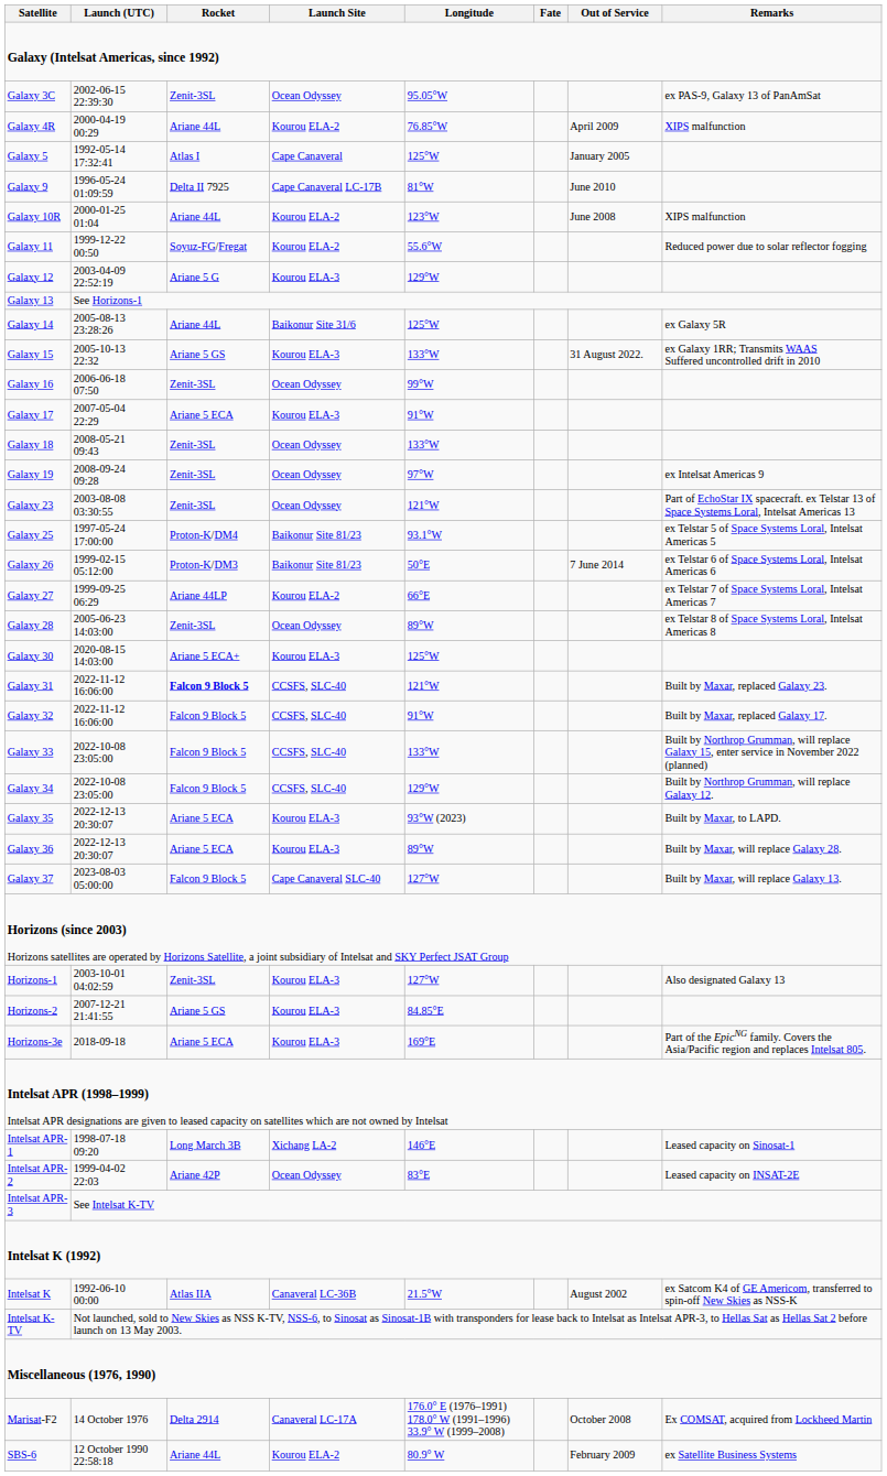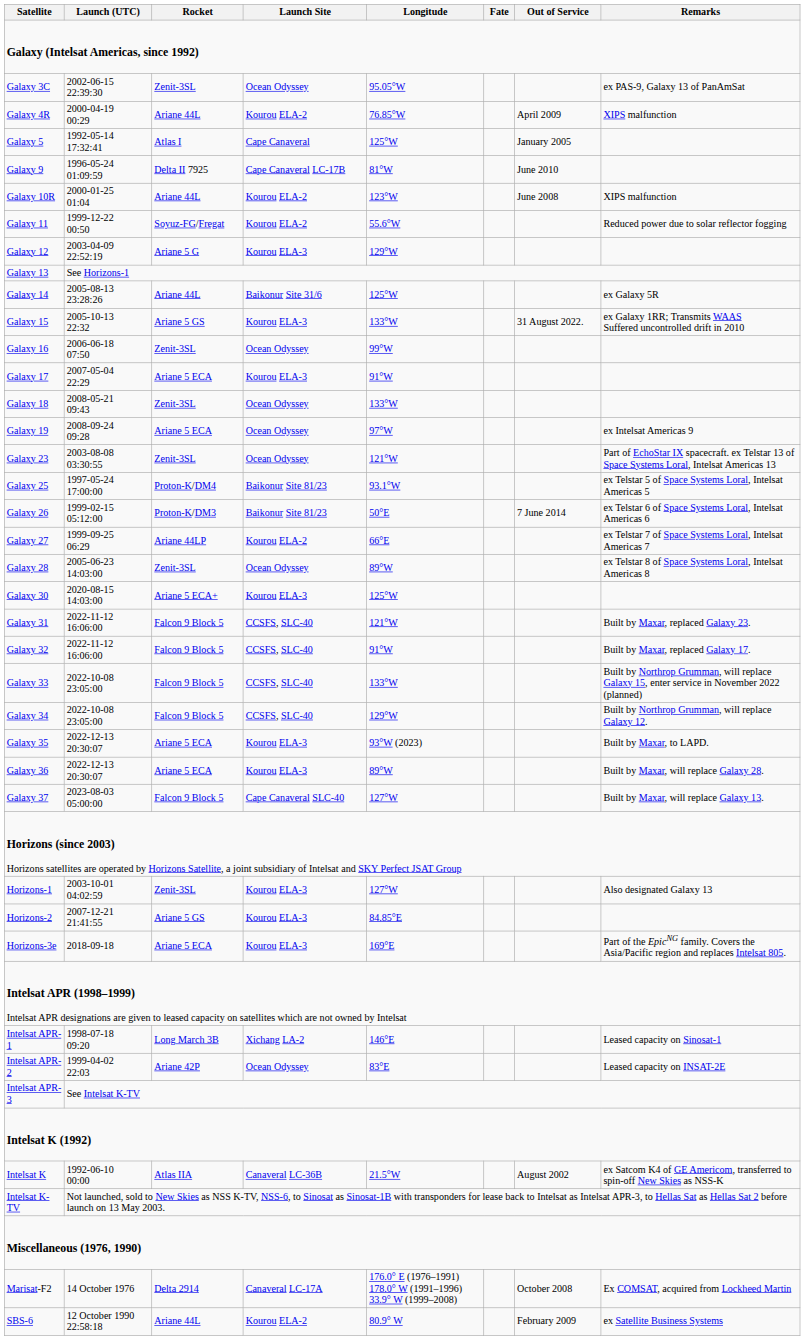 <table class = "wikitable" width="100%">
 <tr>
 <th>Satellite</th>
 <th>Launch (UTC)</th>
 <th>Rocket</th>
 <th>Launch Site</th>
 <th>Longitude</th>
 <th>Fate</th>
 <th>Out of Service</th>
 <th width="25%">Remarks</th>
 </tr>
 <tr>
 <td colspan=8><br><h3>Galaxy (Intelsat Americas, since 1992)</h3></td>
 </tr>
 <tr>
 <td><a href='#'>Galaxy 3C</a></td>
 <td>2002-06-15<br>22:39:30</td>
 <td><a href='#'>Zenit-3SL</a></td>
 <td><a href='#'>Ocean Odyssey</a></td>
 <td><a href='#'>95.05°W</a></td>
 <td></td>
 <td></td>
 <td>ex PAS-9, Galaxy 13 of PanAmSat</td>
 </tr>
 <tr>
 <td><a href='#'>Galaxy 4R</a></td>
 <td>2000-04-19<br>00:29</td>
 <td><a href='#'>Ariane 44L</a></td>
 <td><a href='#'>Kourou</a> <a href='#'>ELA-2</a></td>
 <td><a href='#'>76.85°W</a></td>
 <td></td>
 <td>April 2009</td>
 <td><a href='#'>XIPS</a> malfunction</td>
 </tr>
 <tr>
 <td><a href='#'>Galaxy 5</a></td>
 <td>1992-05-14<br>17:32:41</td>
 <td><a href='#'>Atlas I</a></td>
 <td><a href='#'>Cape Canaveral</a></td>
 <td><a href='#'>125°W</a></td>
 <td></td>
 <td>January 2005</td>
 <td></td>
 </tr>
 <tr>
 <td><a href='#'>Galaxy 9</a></td>
 <td>1996-05-24<br>01:09:59</td>
 <td><a href='#'>Delta II</a> 7925</td>
 <td><a href='#'>Cape Canaveral</a> <a href='#'>LC-17B</a></td>
 <td><a href='#'>81°W</a></td>
 <td></td>
 <td>June 2010</td>
 <td></td>
 </tr>
 <tr>
 <td><a href='#'>Galaxy 10R</a></td>
 <td>2000-01-25<br>01:04</td>
 <td><a href='#'>Ariane 44L</a></td>
 <td><a href='#'>Kourou</a> <a href='#'>ELA-2</a></td>
 <td><a href='#'>123°W</a></td>
 <td></td>
 <td>June 2008</td>
 <td>XIPS malfunction</td>
 </tr>
 <tr>
 <td><a href='#'>Galaxy 11</a></td>
 <td>1999-12-22<br>00:50</td>
 <td><a href='#'>Soyuz-FG</a>/<a href='#'>Fregat</a></td>
 <td><a href='#'>Kourou</a> <a href='#'>ELA-2</a></td>
 <td><a href='#'>55.6°W</a></td>
 <td></td>
 <td></td>
 <td>Reduced power due to solar reflector fogging</td>
 </tr>
 <tr>
 <td><a href='#'>Galaxy 12</a></td>
 <td>2003-04-09<br>22:52:19</td>
 <td><a href='#'>Ariane 5 G</a></td>
 <td><a href='#'>Kourou</a> <a href='#'>ELA-3</a></td>
 <td><a href='#'>129°W</a></td>
 <td></td>
 <td></td>
 <td></td>
 </tr>
 <tr>
 <td><a href='#'>Galaxy 13</a></td>
 <td colspan=7>See <a href='#'>Horizons-1</a></td>
 </tr>
 <tr>
 <td><a href='#'>Galaxy 14</a></td>
 <td>2005-08-13<br>23:28:26</td>
 <td><a href='#'>Ariane 44L</a></td>
 <td><a href='#'>Baikonur</a> <a href='#'>Site 31/6</a></td>
 <td><a href='#'>125°W</a></td>
 <td></td>
 <td></td>
 <td>ex Galaxy 5R</td>
 </tr>
 <tr>
 <td><a href='#'>Galaxy 15</a></td>
 <td>2005-10-13<br>22:32</td>
 <td><a href='#'>Ariane 5 GS</a></td>
 <td><a href='#'>Kourou</a> <a href='#'>ELA-3</a></td>
 <td><a href='#'>133°W</a></td>
 <td></td>
 <td>31 August 2022.</td>
 <td>ex Galaxy 1RR; Transmits <a href='#'>WAAS</a><br>Suffered uncontrolled drift in 2010</td>
 </tr>
 <tr>
 <td><a href='#'>Galaxy 16</a></td>
 <td>2006-06-18<br>07:50</td>
 <td><a href='#'>Zenit-3SL</a></td>
 <td><a href='#'>Ocean Odyssey</a></td>
 <td><a href='#'>99°W</a></td>
 <td></td>
 <td></td>
 <td></td>
 </tr>
 <tr>
 <td><a href='#'>Galaxy 17</a></td>
 <td>2007-05-04<br>22:29</td>
 <td><a href='#'>Ariane 5 ECA</a></td>
 <td><a href='#'>Kourou</a> <a href='#'>ELA-3</a></td>
 <td><a href='#'>91°W</a></td>
 <td></td>
 <td></td>
 <td></td>
 </tr>
 <tr>
 <td><a href='#'>Galaxy 18</a></td>
 <td>2008-05-21<br>09:43</td>
 <td><a href='#'>Zenit-3SL</a></td>
 <td><a href='#'>Ocean Odyssey</a></td>
 <td><a href='#'>133°W</a></td>
 <td></td>
 <td></td>
 <td></td>
 </tr>
 <tr>
 <td><a href='#'>Galaxy 19</a></td>
 <td>2008-09-24<br>09:28</td>
-<td><a href='#'>Zenit-3SL</a></td>
+<td><a href='#'>Ariane 5 ECA</a></td>
 <td><a href='#'>Ocean Odyssey</a></td>
 <td><a href='#'>97°W</a></td>
 <td></td>
 <td></td>
 <td>ex Intelsat Americas 9</td>
 </tr>
 <tr>
 <td><a href='#'>Galaxy 23</a></td>
 <td>2003-08-08<br>03:30:55</td>
 <td><a href='#'>Zenit-3SL</a></td>
 <td><a href='#'>Ocean Odyssey</a></td>
 <td><a href='#'>121°W</a></td>
 <td></td>
 <td></td>
 <td>Part of <a href='#'>EchoStar IX</a> spacecraft. ex Telstar 13 of <a href='#'>Space Systems Loral</a>, Intelsat Americas 13</td>
 </tr>
 <tr>
 <td><a href='#'>Galaxy 25</a></td>
 <td>1997-05-24<br>17:00:00</td>
 <td><a href='#'>Proton-K</a>/<a href='#'>DM4</a></td>
 <td><a href='#'>Baikonur</a> <a href='#'>Site 81/23</a></td>
 <td><a href='#'>93.1°W</a></td>
 <td></td>
 <td></td>
 <td>ex Telstar 5 of <a href='#'>Space Systems Loral</a>, Intelsat Americas 5</td>
 </tr>
 <tr>
 <td><a href='#'>Galaxy 26</a></td>
 <td>1999-02-15<br>05:12:00</td>
 <td><a href='#'>Proton-K</a>/<a href='#'>DM3</a></td>
 <td><a href='#'>Baikonur</a> <a href='#'>Site 81/23</a></td>
 <td><a href='#'>50°E</a></td>
 <td></td>
 <td>7 June 2014</td>
 <td>ex Telstar 6 of <a href='#'>Space Systems Loral</a>, Intelsat Americas 6</td>
 </tr>
 <tr>
 <td><a href='#'>Galaxy 27</a></td>
 <td>1999-09-25<br>06:29</td>
 <td><a href='#'>Ariane 44LP</a></td>
 <td><a href='#'>Kourou</a> <a href='#'>ELA-2</a></td>
 <td><a href='#'>66°E</a></td>
 <td></td>
 <td></td>
 <td>ex Telstar 7 of <a href='#'>Space Systems Loral</a>, Intelsat Americas 7</td>
 </tr>
 <tr>
 <td><a href='#'>Galaxy 28</a></td>
 <td>2005-06-23<br>14:03:00</td>
 <td><a href='#'>Zenit-3SL</a></td>
 <td><a href='#'>Ocean Odyssey</a></td>
 <td><a href='#'>89°W</a></td>
 <td></td>
 <td></td>
 <td>ex Telstar 8 of <a href='#'>Space Systems Loral</a>, Intelsat Americas 8</td>
 </tr>
 <tr>
 <td><a href='#'>Galaxy 30</a></td>
 <td>2020-08-15<br>14:03:00</td>
 <td><a href='#'>Ariane 5 ECA+</a></td>
 <td><a href='#'>Kourou</a> <a href='#'>ELA-3</a></td>
 <td><a href='#'>125°W</a></td>
 <td></td>
 <td></td>
 <td></td>
 </tr>
 <tr>
 <td><a href='#'>Galaxy 31</a></td>
 <td>2022-11-12<br>16:06:00</td>
-<td><strong><a href='#'>Falcon 9 Block 5</a></strong></td>
+<td><a href='#'>Falcon 9 Block 5</a></td>
 <td><a href='#'>CCSFS</a>, <a href='#'>SLC-40</a></td>
 <td><a href='#'>121°W</a></td>
 <td></td>
 <td></td>
 <td>Built by <a href='#'>Maxar</a>, replaced <a href='#'>Galaxy 23</a>.</td>
 </tr>
 <tr>
 <td><a href='#'>Galaxy 32</a></td>
 <td>2022-11-12<br>16:06:00</td>
 <td><a href='#'>Falcon 9 Block 5</a></td>
 <td><a href='#'>CCSFS</a>, <a href='#'>SLC-40</a></td>
 <td><a href='#'>91°W</a></td>
 <td></td>
 <td></td>
 <td>Built by <a href='#'>Maxar</a>, replaced <a href='#'>Galaxy 17</a>.</td>
 </tr>
 <tr>
 <td><a href='#'>Galaxy 33</a></td>
 <td>2022-10-08<br>23:05:00</td>
 <td><a href='#'>Falcon 9 Block 5</a></td>
 <td><a href='#'>CCSFS</a>, <a href='#'>SLC-40</a></td>
 <td><a href='#'>133°W</a></td>
 <td></td>
 <td></td>
 <td>Built by <a href='#'>Northrop Grumman</a>, will replace <a href='#'>Galaxy 15</a>, enter service in November 2022 (planned)</td>
 </tr>
 <tr>
 <td><a href='#'>Galaxy 34</a></td>
 <td>2022-10-08<br>23:05:00</td>
 <td><a href='#'>Falcon 9 Block 5</a></td>
 <td><a href='#'>CCSFS</a>, <a href='#'>SLC-40</a></td>
 <td><a href='#'>129°W</a></td>
 <td></td>
 <td></td>
 <td>Built by <a href='#'>Northrop Grumman</a>, will replace <a href='#'>Galaxy 12</a>.</td>
 </tr>
 <tr>
 <td><a href='#'>Galaxy 35</a></td>
 <td>2022-12-13<br>20:30:07</td>
 <td><a href='#'>Ariane 5 ECA</a></td>
 <td><a href='#'>Kourou</a> <a href='#'>ELA-3</a></td>
 <td><a href='#'>93°W</a> (2023)</td>
 <td></td>
 <td></td>
 <td>Built by <a href='#'>Maxar</a>, to LAPD.</td>
 </tr>
 <tr>
 <td><a href='#'>Galaxy 36</a></td>
 <td>2022-12-13<br>20:30:07</td>
 <td><a href='#'>Ariane 5 ECA</a></td>
 <td><a href='#'>Kourou</a> <a href='#'>ELA-3</a></td>
 <td><a href='#'>89°W</a></td>
 <td></td>
 <td></td>
 <td>Built by <a href='#'>Maxar</a>, will replace <a href='#'>Galaxy 28</a>.</td>
 </tr>
 <tr>
 <td><a href='#'>Galaxy 37</a></td>
 <td>2023-08-03<br>05:00:00</td>
 <td><a href='#'>Falcon 9 Block 5</a></td>
 <td><a href='#'>Cape Canaveral</a> <a href='#'>SLC-40</a></td>
 <td><a href='#'>127°W</a></td>
 <td></td>
 <td></td>
 <td>Built by <a href='#'>Maxar</a>, will replace <a href='#'>Galaxy 13</a>.</td>
 </tr>
 <tr>
 <td colspan=8><br><h3>Horizons (since 2003)</h3>Horizons satellites are operated by <a href='#'>Horizons Satellite</a>, a joint subsidiary of Intelsat and <a href='#'>SKY Perfect JSAT Group</a></td>
 </tr>
 <tr>
 <td><a href='#'>Horizons-1</a></td>
 <td>2003-10-01<br>04:02:59</td>
 <td><a href='#'>Zenit-3SL</a></td>
 <td><a href='#'>Kourou</a> <a href='#'>ELA-3</a></td>
 <td><a href='#'>127°W</a></td>
 <td></td>
 <td></td>
 <td>Also designated Galaxy 13</td>
 </tr>
 <tr>
 <td><a href='#'>Horizons-2</a></td>
 <td>2007-12-21<br>21:41:55</td>
 <td><a href='#'>Ariane 5 GS</a></td>
 <td><a href='#'>Kourou</a> <a href='#'>ELA-3</a></td>
 <td><a href='#'>84.85°E</a></td>
 <td></td>
 <td></td>
 <td></td>
 </tr>
 <tr>
 <td><a href='#'>Horizons-3e</a></td>
 <td>2018-09-18</td>
 <td><a href='#'>Ariane 5 ECA</a></td>
 <td><a href='#'>Kourou</a> <a href='#'>ELA-3</a></td>
 <td><a href='#'>169°E</a></td>
 <td></td>
 <td></td>
 <td>Part of the <em>Epic<sup>NG</sup></em> family. Covers the Asia/Pacific region and replaces <a href='#'>Intelsat 805</a>.</td>
 </tr>
 <tr>
 <td colspan=8><br><h3>Intelsat APR (1998–1999)</h3>Intelsat APR designations are given to leased capacity on satellites which are not owned by Intelsat</td>
 </tr>
 <tr>
 <td><a href='#'>Intelsat APR-1</a></td>
 <td>1998-07-18<br>09:20</td>
 <td><a href='#'>Long March 3B</a></td>
 <td><a href='#'>Xichang</a> <a href='#'>LA-2</a></td>
 <td><a href='#'>146°E</a></td>
 <td></td>
 <td></td>
 <td>Leased capacity on <a href='#'>Sinosat-1</a></td>
 </tr>
 <tr>
 <td><a href='#'>Intelsat APR-2</a></td>
 <td>1999-04-02<br>22:03</td>
 <td><a href='#'>Ariane 42P</a></td>
 <td><a href='#'>Ocean Odyssey</a></td>
 <td><a href='#'>83°E</a></td>
 <td></td>
 <td></td>
 <td>Leased capacity on <a href='#'>INSAT-2E</a></td>
 </tr>
 <tr>
 <td><a href='#'>Intelsat APR-3</a></td>
 <td colspan=7>See <a href='#'>Intelsat K-TV</a></td>
 </tr>
 <tr>
 <td colspan=8><br><h3>Intelsat K (1992)</h3></td>
 </tr>
 <tr>
 <td><a href='#'>Intelsat K</a></td>
 <td>1992-06-10<br>00:00</td>
 <td><a href='#'>Atlas IIA</a></td>
 <td><a href='#'>Canaveral</a> <a href='#'>LC-36B</a></td>
 <td><a href='#'>21.5°W</a></td>
 <td></td>
 <td>August 2002</td>
 <td>ex Satcom K4 of <a href='#'>GE Americom</a>, transferred to spin-off <a href='#'>New Skies</a> as NSS-K</td>
 </tr>
 <tr>
 <td><a href='#'>Intelsat K-TV</a></td>
 <td colspan=7>Not launched, sold to <a href='#'>New Skies</a> as NSS K-TV, <a href='#'>NSS-6</a>, to <a href='#'>Sinosat</a> as <a href='#'>Sinosat-1B</a> with transponders for lease back to Intelsat as Intelsat APR-3, to <a href='#'>Hellas Sat</a> as <a href='#'>Hellas Sat 2</a> before launch on 13 May 2003.</td>
 </tr>
 <tr>
 <td colspan=8><br><h3>Miscellaneous (1976, 1990)</h3></td>
 </tr>
 <tr>
 <td><a href='#'>Marisat</a>-F2</td>
 <td>14 October 1976</td>
 <td><a href='#'>Delta 2914</a></td>
 <td><a href='#'>Canaveral</a> <a href='#'>LC-17A</a></td>
 <td><a href='#'>176.0° E</a> (1976–1991)<br><a href='#'>178.0° W</a> (1991–1996)<br><a href='#'>33.9° W</a> (1999–2008)</td>
 <td></td>
 <td>October 2008</td>
 <td>Ex <a href='#'>COMSAT</a>, acquired from <a href='#'>Lockheed Martin</a></td>
 </tr>
 <tr>
 <td><a href='#'>SBS-6</a></td>
 <td>12 October 1990<br>22:58:18</td>
 <td><a href='#'>Ariane 44L</a></td>
 <td><a href='#'>Kourou</a> <a href='#'>ELA-2</a></td>
 <td><a href='#'>80.9° W</a></td>
 <td></td>
 <td>February 2009</td>
 <td>ex <a href='#'>Satellite Business Systems</a></td>
 </tr>
 </table>
